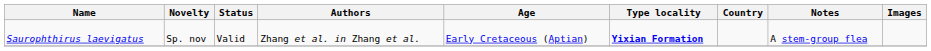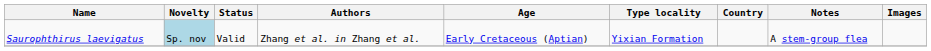 <table class="wikitable sortable" align="center" width="100%">
 <tr>
 <th>Name</th>
 <th>Novelty</th>
 <th>Status</th>
 <th>Authors</th>
 <th>Age</th>
 <th>Type locality</th>
 <th>Country</th>
 <th>Notes</th>
 <th>Images</th>
 </tr>
 <tr>
 <td><br><em><a href='#'>Saurophthirus laevigatus</a></em></td>
-<td><br>Sp. nov</td>
+<td style="background: lightblue;"><br>Sp. nov</td>
 <td><br>Valid</td>
 <td><br>Zhang <em>et al.</em> <em>in</em> Zhang <em>et al.</em></td>
 <td><br><a href='#'>Early Cretaceous</a> (<a href='#'>Aptian</a>)</td>
-<td><strong><br><a href='#'>Yixian Formation</a></strong></td>
+<td><br><a href='#'>Yixian Formation</a></td>
 <td><br></td>
 <td><br>A <a href='#'>stem-group flea</a></td>
 <td></td>
 </tr>
 <tr>
 </tr>
 </table>
